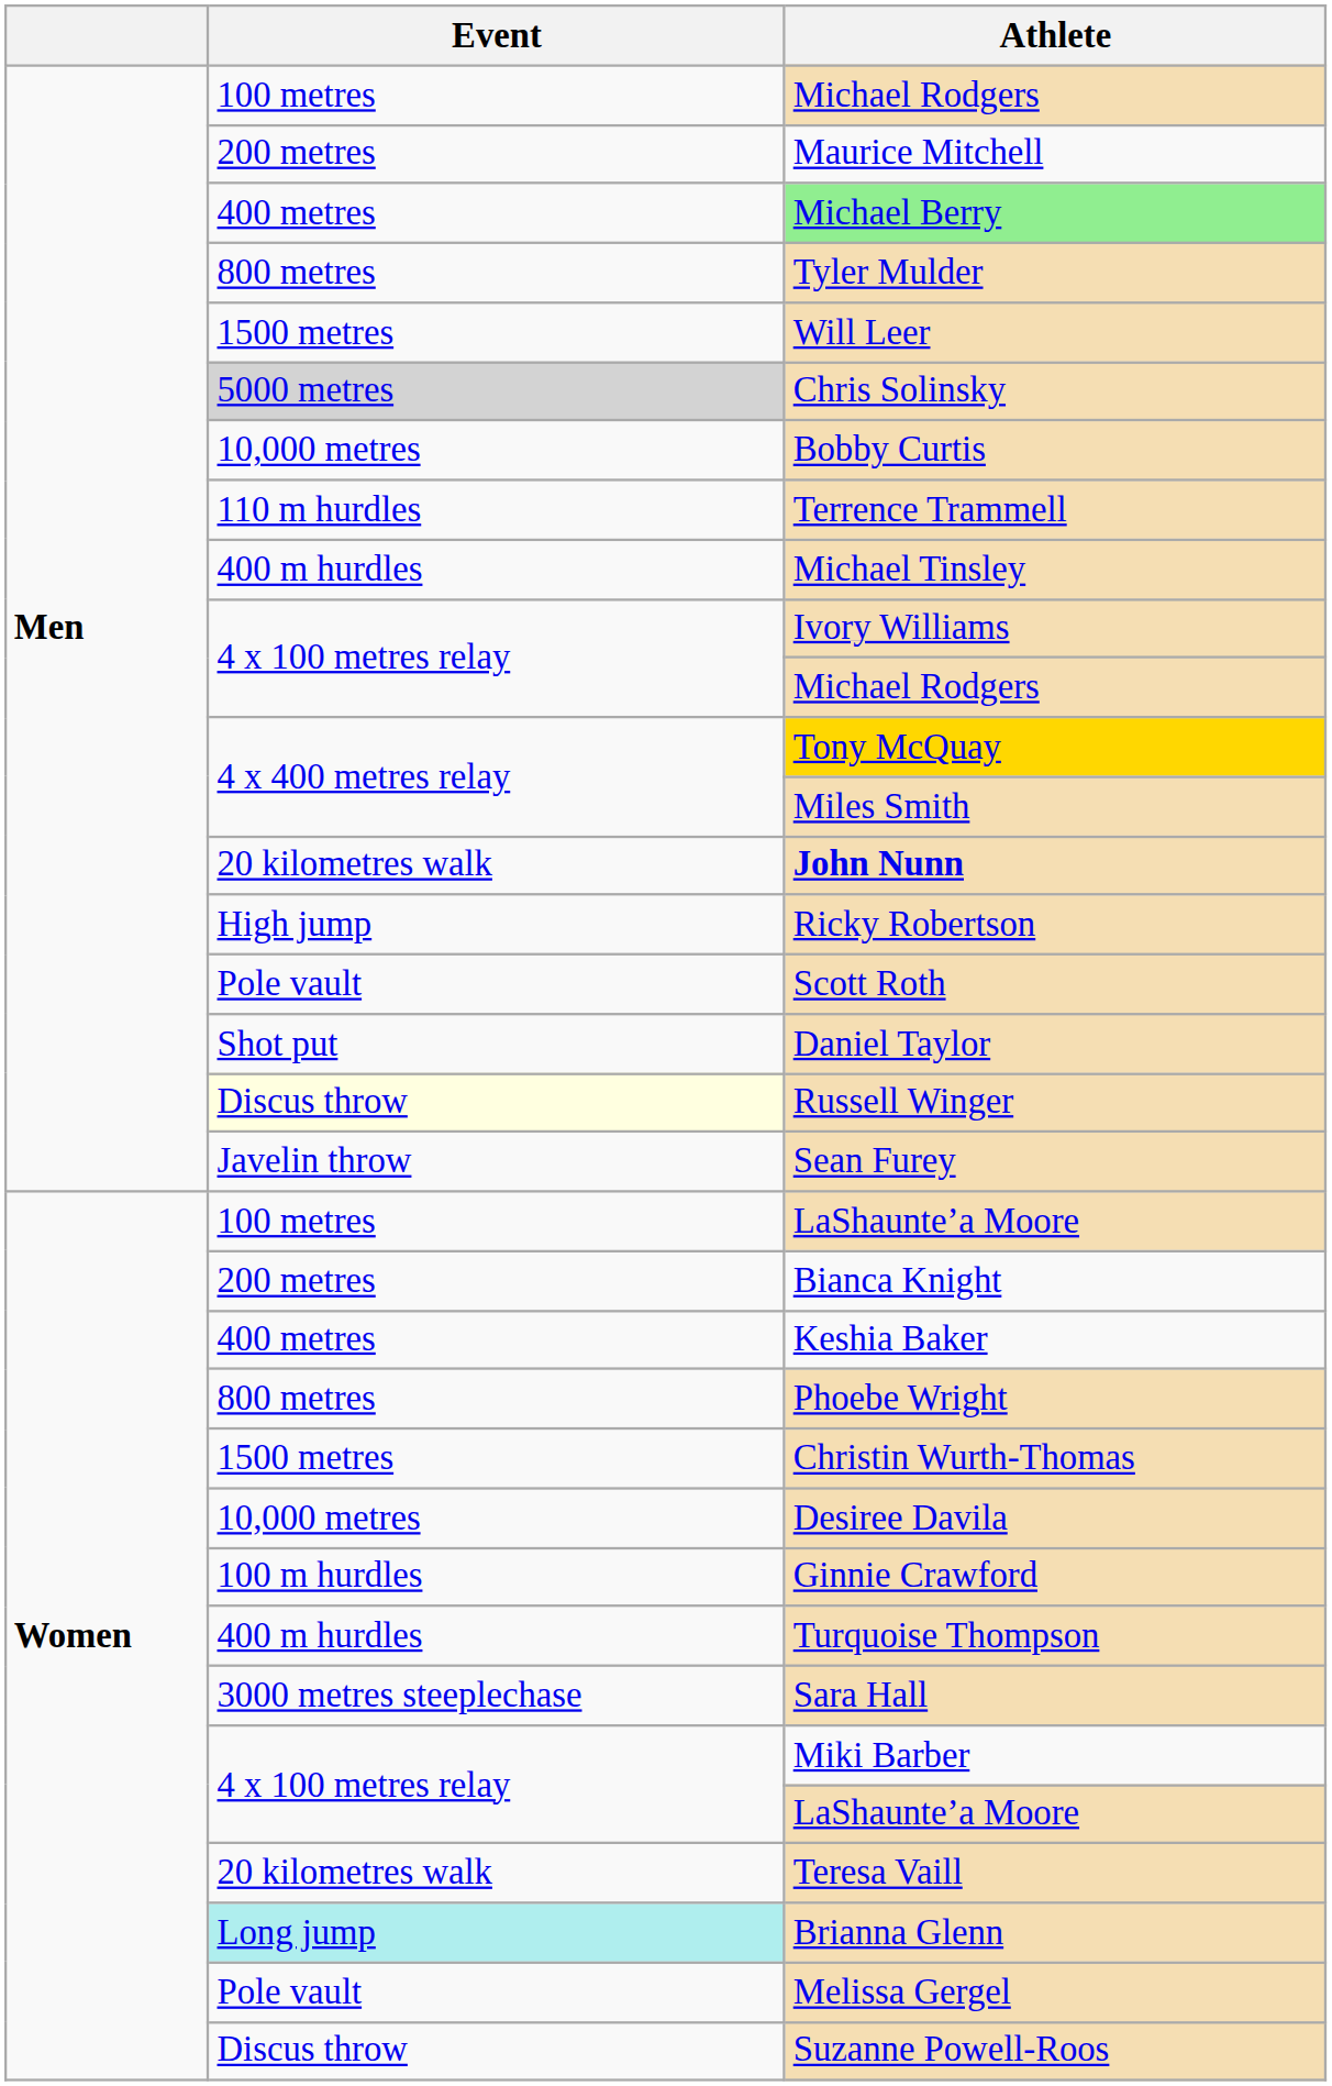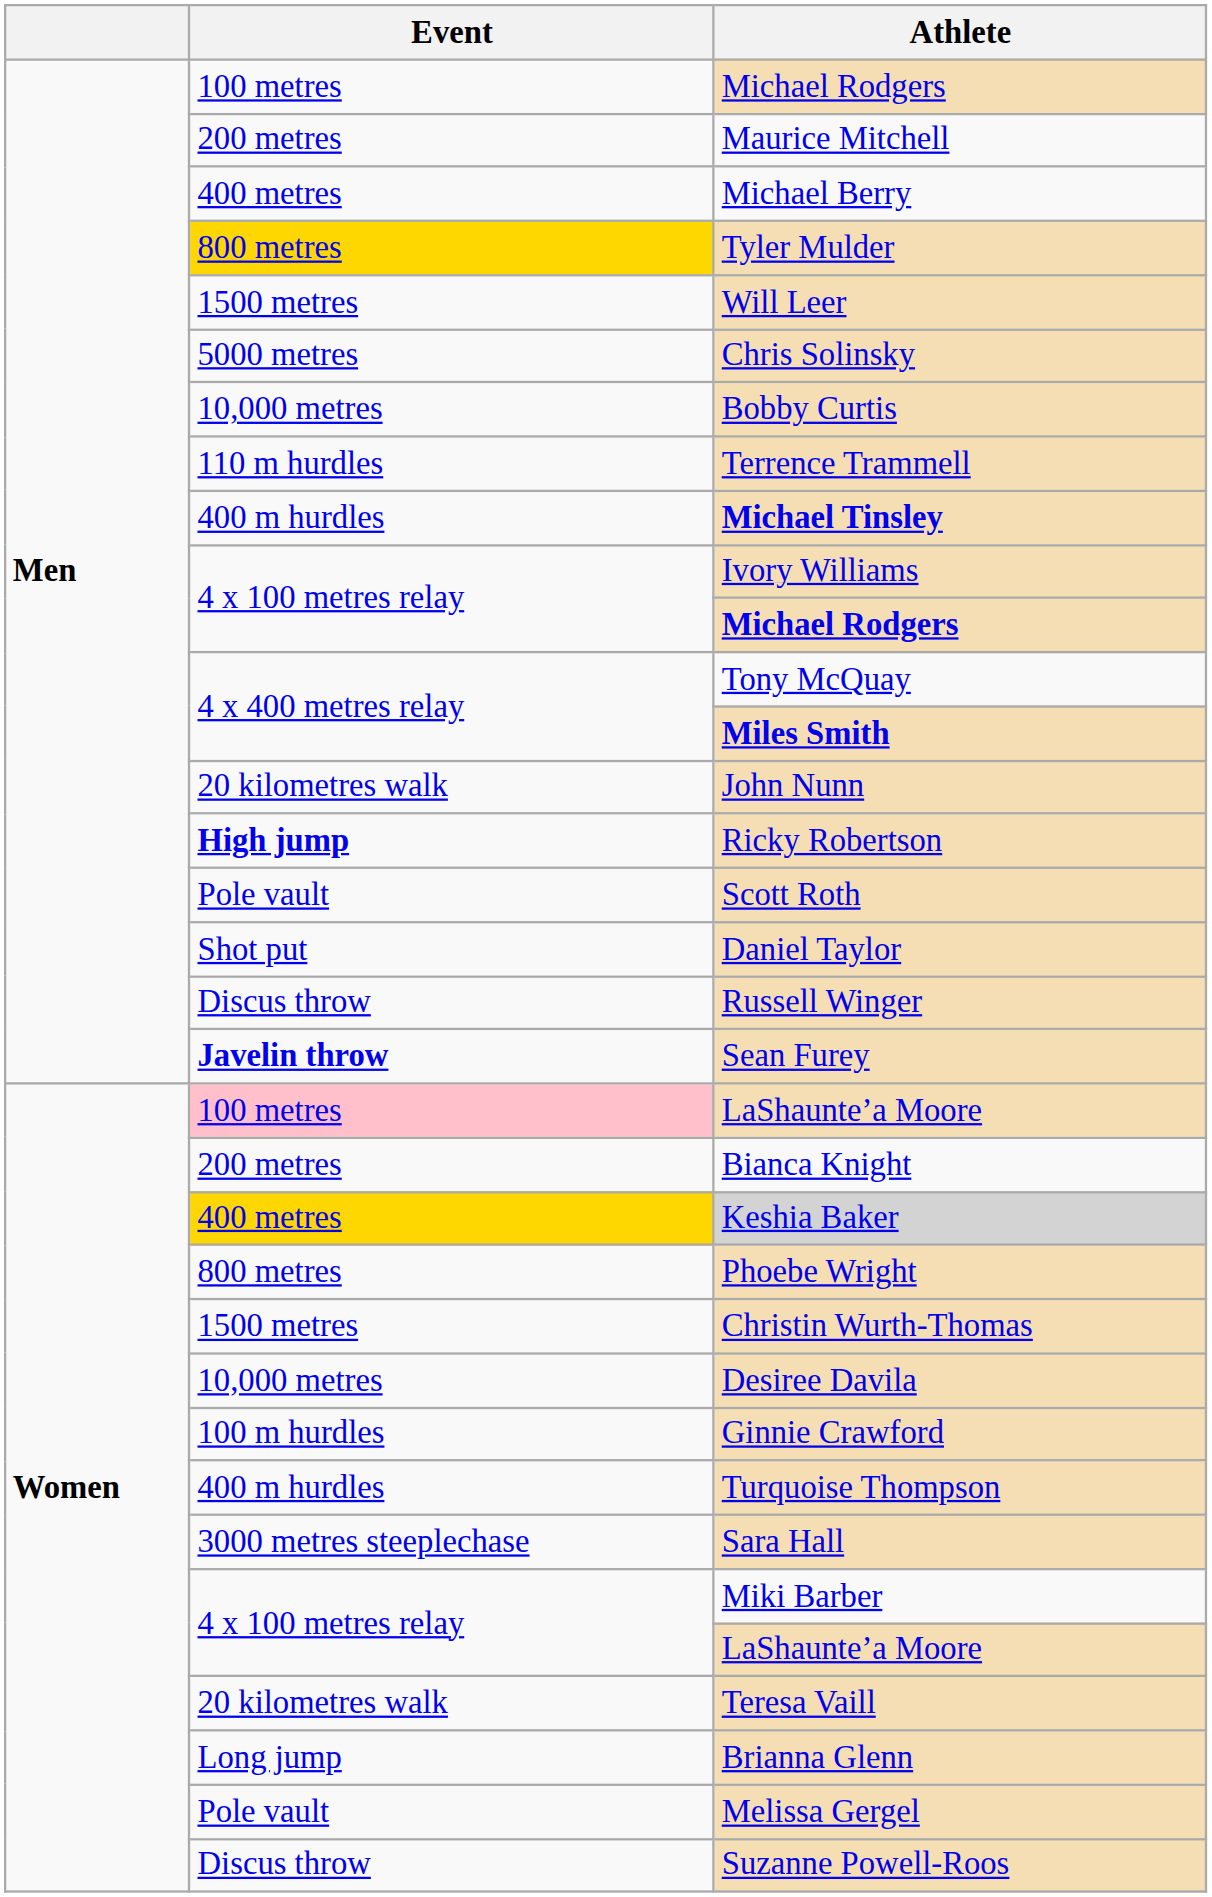 <table class=wikitable style="font-size:90%" width=60%>
 <tr>
 <th></th>
 <th>Event</th>
 <th>Athlete</th>
 </tr>
 <tr>
 <td rowspan=19><strong>Men</strong></td>
 <td><a href='#'>100 metres</a></td>
 <td bgcolor="wheat"><a href='#'>Michael Rodgers</a></td>
 </tr>
 <tr>
 <td><a href='#'>200 metres</a></td>
 <td><a href='#'>Maurice Mitchell</a></td>
 </tr>
 <tr>
 <td><a href='#'>400 metres</a></td>
-<td style="background: lightgreen;"><a href='#'>Michael Berry</a></td>
+<td><a href='#'>Michael Berry</a></td>
 </tr>
 <tr>
-<td><a href='#'>800 metres</a></td>
+<td style="background: gold;"><a href='#'>800 metres</a></td>
 <td bgcolor="wheat"><a href='#'>Tyler Mulder</a></td>
 </tr>
 <tr>
 <td><a href='#'>1500 metres</a></td>
 <td bgcolor="wheat"><a href='#'>Will Leer</a></td>
 </tr>
 <tr>
-<td style="background: lightgrey;"><a href='#'>5000 metres</a></td>
+<td><a href='#'>5000 metres</a></td>
 <td bgcolor="wheat"><a href='#'>Chris Solinsky</a></td>
 </tr>
 <tr>
 <td><a href='#'>10,000 metres</a></td>
 <td bgcolor="wheat"><a href='#'>Bobby Curtis</a></td>
 </tr>
 <tr>
 <td><a href='#'>110 m hurdles</a></td>
 <td bgcolor="wheat"><a href='#'>Terrence Trammell</a></td>
 </tr>
 <tr>
 <td><a href='#'>400 m hurdles</a></td>
-<td bgcolor="wheat"><a href='#'>Michael Tinsley</a></td>
+<td bgcolor="wheat"><strong><a href='#'>Michael Tinsley</a></strong></td>
 </tr>
 <tr>
 <td rowspan=2><a href='#'>4 x 100 metres relay</a></td>
 <td bgcolor="wheat"><a href='#'>Ivory Williams</a></td>
 </tr>
 <tr>
-<td bgcolor="wheat"><a href='#'>Michael Rodgers</a></td>
+<td bgcolor="wheat"><strong><a href='#'>Michael Rodgers</a></strong></td>
 </tr>
 <tr>
 <td rowspan=2><a href='#'>4 x 400 metres relay</a></td>
-<td style="background: gold;"><a href='#'>Tony McQuay</a></td>
+<td><a href='#'>Tony McQuay</a></td>
 </tr>
 <tr>
-<td bgcolor="wheat"><a href='#'>Miles Smith</a></td>
+<td bgcolor="wheat"><strong><a href='#'>Miles Smith</a></strong></td>
 </tr>
 <tr>
 <td><a href='#'>20 kilometres walk</a></td>
-<td bgcolor="wheat"><strong><a href='#'>John Nunn</a></strong></td>
+<td bgcolor="wheat"><a href='#'>John Nunn</a></td>
 </tr>
 <tr>
-<td><a href='#'>High jump</a></td>
+<td><strong><a href='#'>High jump</a></strong></td>
 <td bgcolor="wheat"><a href='#'>Ricky Robertson</a></td>
 </tr>
 <tr>
 <td><a href='#'>Pole vault</a></td>
 <td bgcolor="wheat"><a href='#'>Scott Roth</a></td>
 </tr>
 <tr>
 <td><a href='#'>Shot put</a></td>
 <td bgcolor="wheat"><a href='#'>Daniel Taylor</a></td>
 </tr>
 <tr>
-<td style="background: lightyellow;"><a href='#'>Discus throw</a></td>
+<td><a href='#'>Discus throw</a></td>
 <td bgcolor="wheat"><a href='#'>Russell Winger</a></td>
 </tr>
 <tr>
-<td><a href='#'>Javelin throw</a></td>
+<td><strong><a href='#'>Javelin throw</a></strong></td>
 <td bgcolor="wheat"><a href='#'>Sean Furey</a></td>
 </tr>
 <tr>
 <td rowspan=15><strong>Women</strong></td>
-<td><a href='#'>100 metres</a></td>
+<td style="background: pink;"><a href='#'>100 metres</a></td>
 <td bgcolor="wheat"><a href='#'>LaShaunte’a Moore</a></td>
 </tr>
 <tr>
 <td><a href='#'>200 metres</a></td>
 <td><a href='#'>Bianca Knight</a></td>
 </tr>
 <tr>
-<td><a href='#'>400 metres</a></td>
-<td><a href='#'>Keshia Baker</a></td>
+<td style="background: gold;"><a href='#'>400 metres</a></td>
+<td style="background: lightgrey;"><a href='#'>Keshia Baker</a></td>
 </tr>
 <tr>
 <td><a href='#'>800 metres</a></td>
 <td bgcolor="wheat"><a href='#'>Phoebe Wright</a></td>
 </tr>
 <tr>
 <td><a href='#'>1500 metres</a></td>
 <td bgcolor="wheat"><a href='#'>Christin Wurth-Thomas</a></td>
 </tr>
 <tr>
 <td><a href='#'>10,000 metres</a></td>
 <td bgcolor="wheat"><a href='#'>Desiree Davila</a></td>
 </tr>
 <tr>
 <td><a href='#'>100 m hurdles</a></td>
 <td bgcolor="wheat"><a href='#'>Ginnie Crawford</a></td>
 </tr>
 <tr>
 <td><a href='#'>400 m hurdles</a></td>
 <td bgcolor="wheat"><a href='#'>Turquoise Thompson</a></td>
 </tr>
 <tr>
 <td><a href='#'>3000 metres steeplechase</a></td>
 <td bgcolor="wheat"><a href='#'>Sara Hall</a></td>
 </tr>
 <tr>
 <td rowspan=2><a href='#'>4 x 100 metres relay</a></td>
 <td><a href='#'>Miki Barber</a></td>
 </tr>
 <tr>
 <td bgcolor="wheat"><a href='#'>LaShaunte’a Moore</a></td>
 </tr>
 <tr>
 <td><a href='#'>20 kilometres walk</a></td>
 <td bgcolor="wheat"><a href='#'>Teresa Vaill</a></td>
 </tr>
 <tr>
-<td style="background: paleturquoise;"><a href='#'>Long jump</a></td>
+<td><a href='#'>Long jump</a></td>
 <td bgcolor="wheat"><a href='#'>Brianna Glenn</a></td>
 </tr>
 <tr>
 <td><a href='#'>Pole vault</a></td>
 <td bgcolor="wheat"><a href='#'>Melissa Gergel</a></td>
 </tr>
 <tr>
 <td><a href='#'>Discus throw</a></td>
 <td bgcolor="wheat"><a href='#'>Suzanne Powell-Roos</a></td>
 </tr>
 </table>
